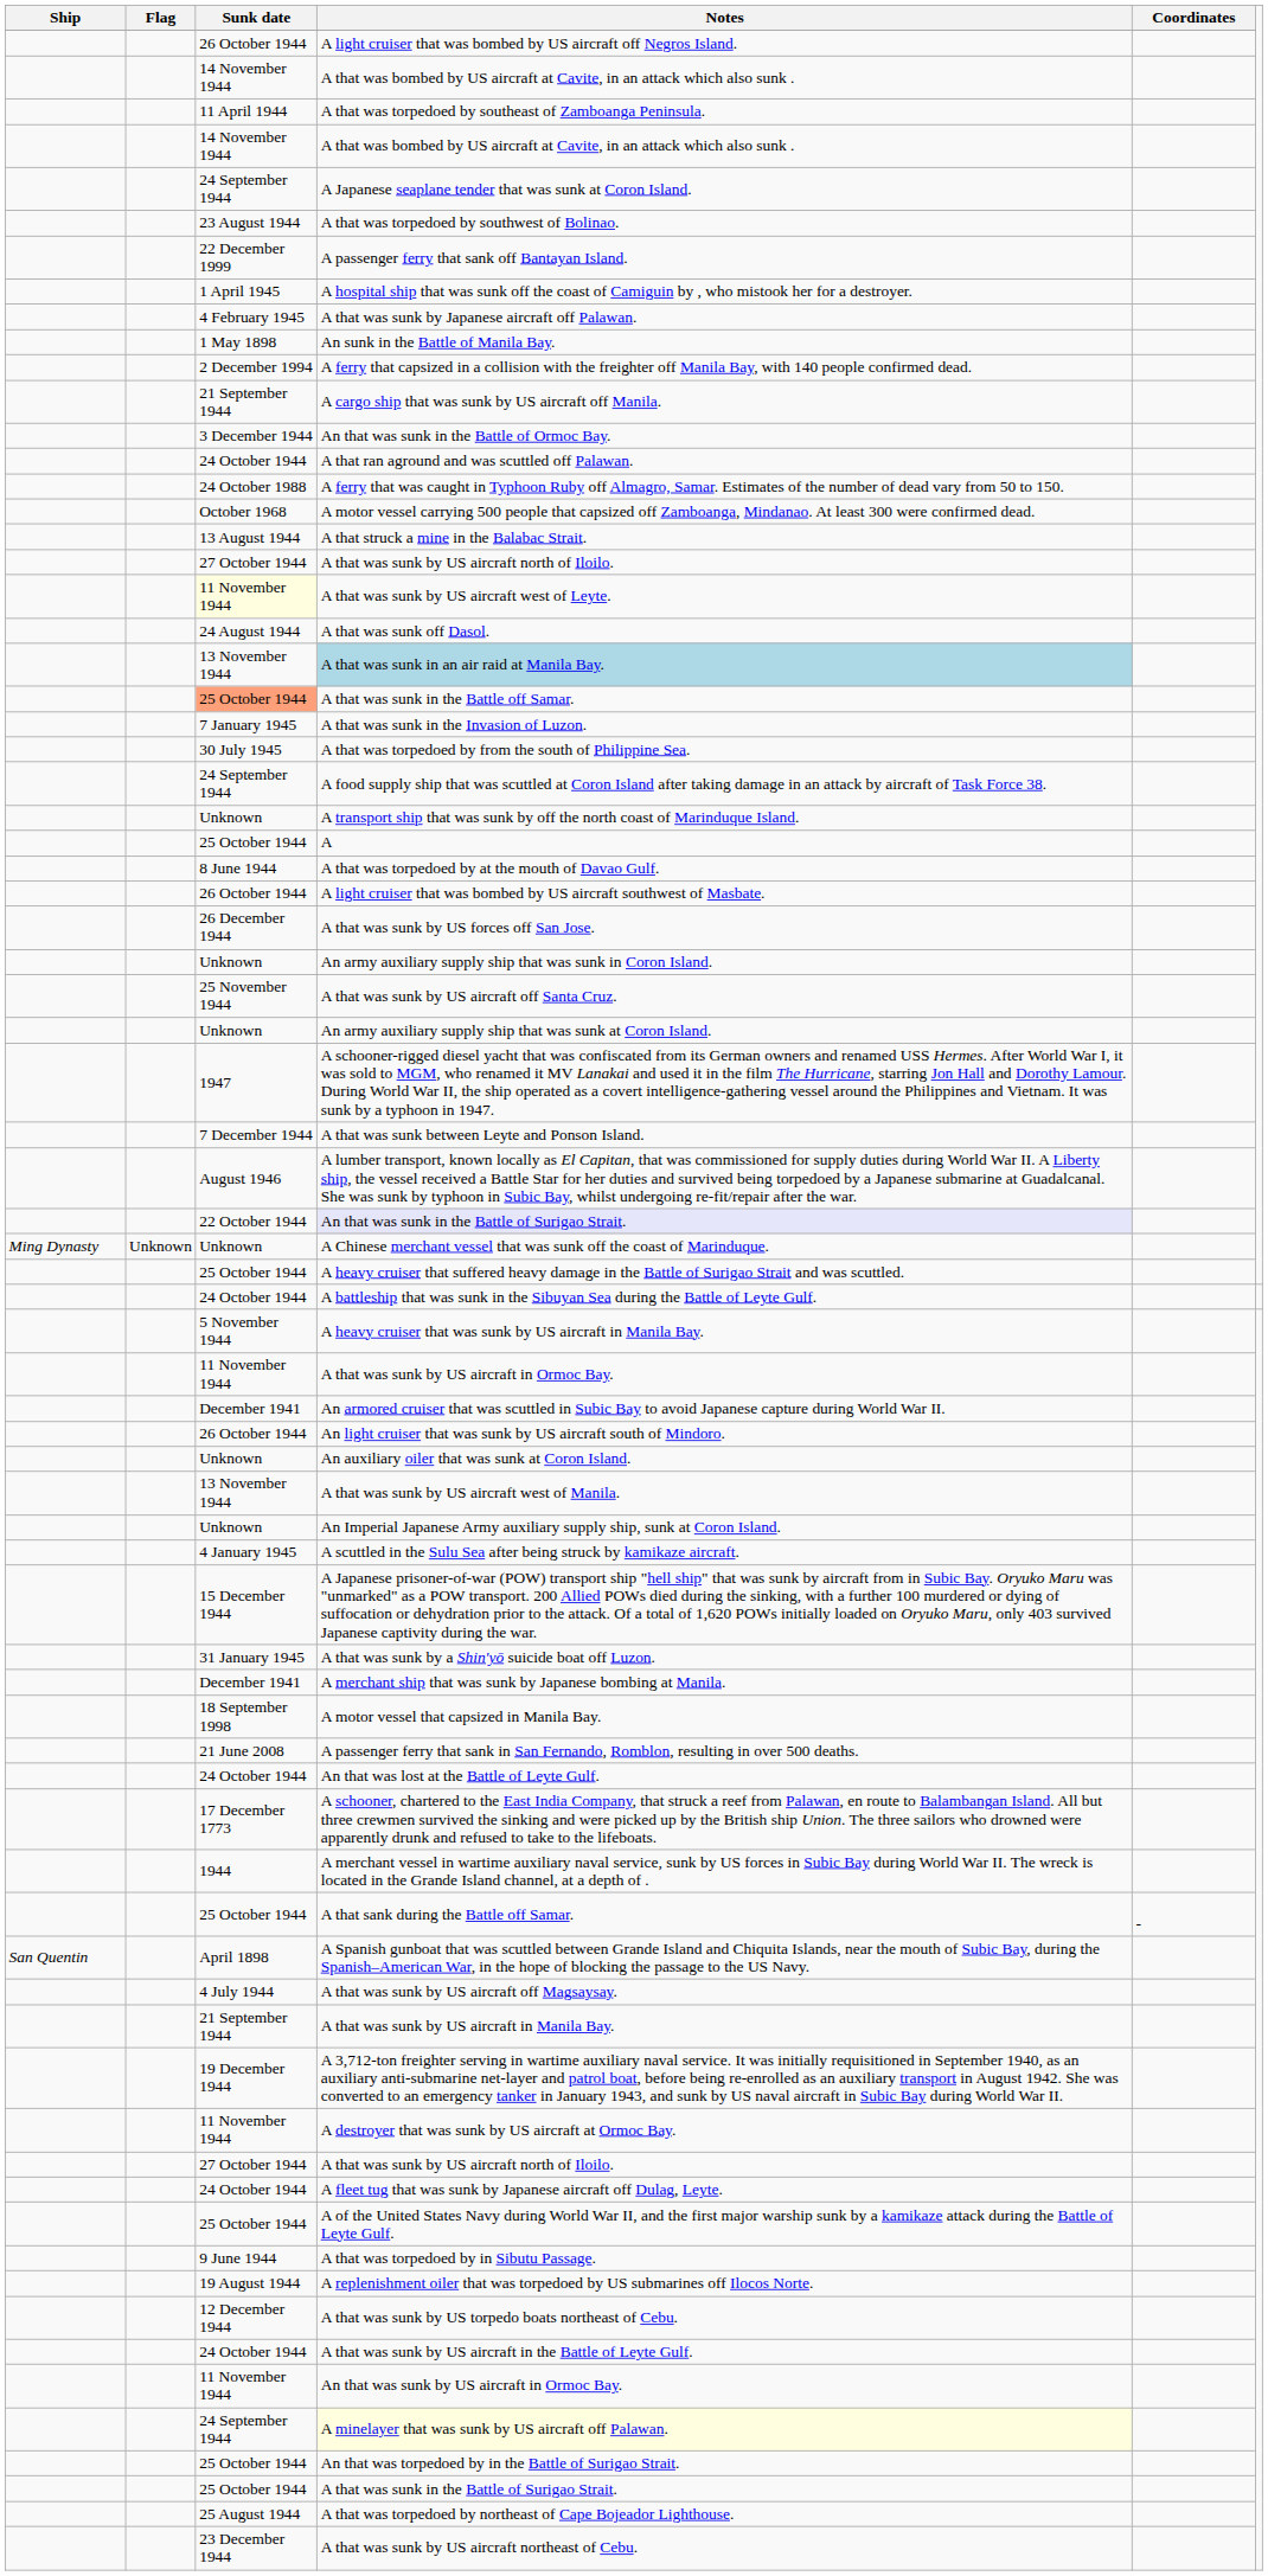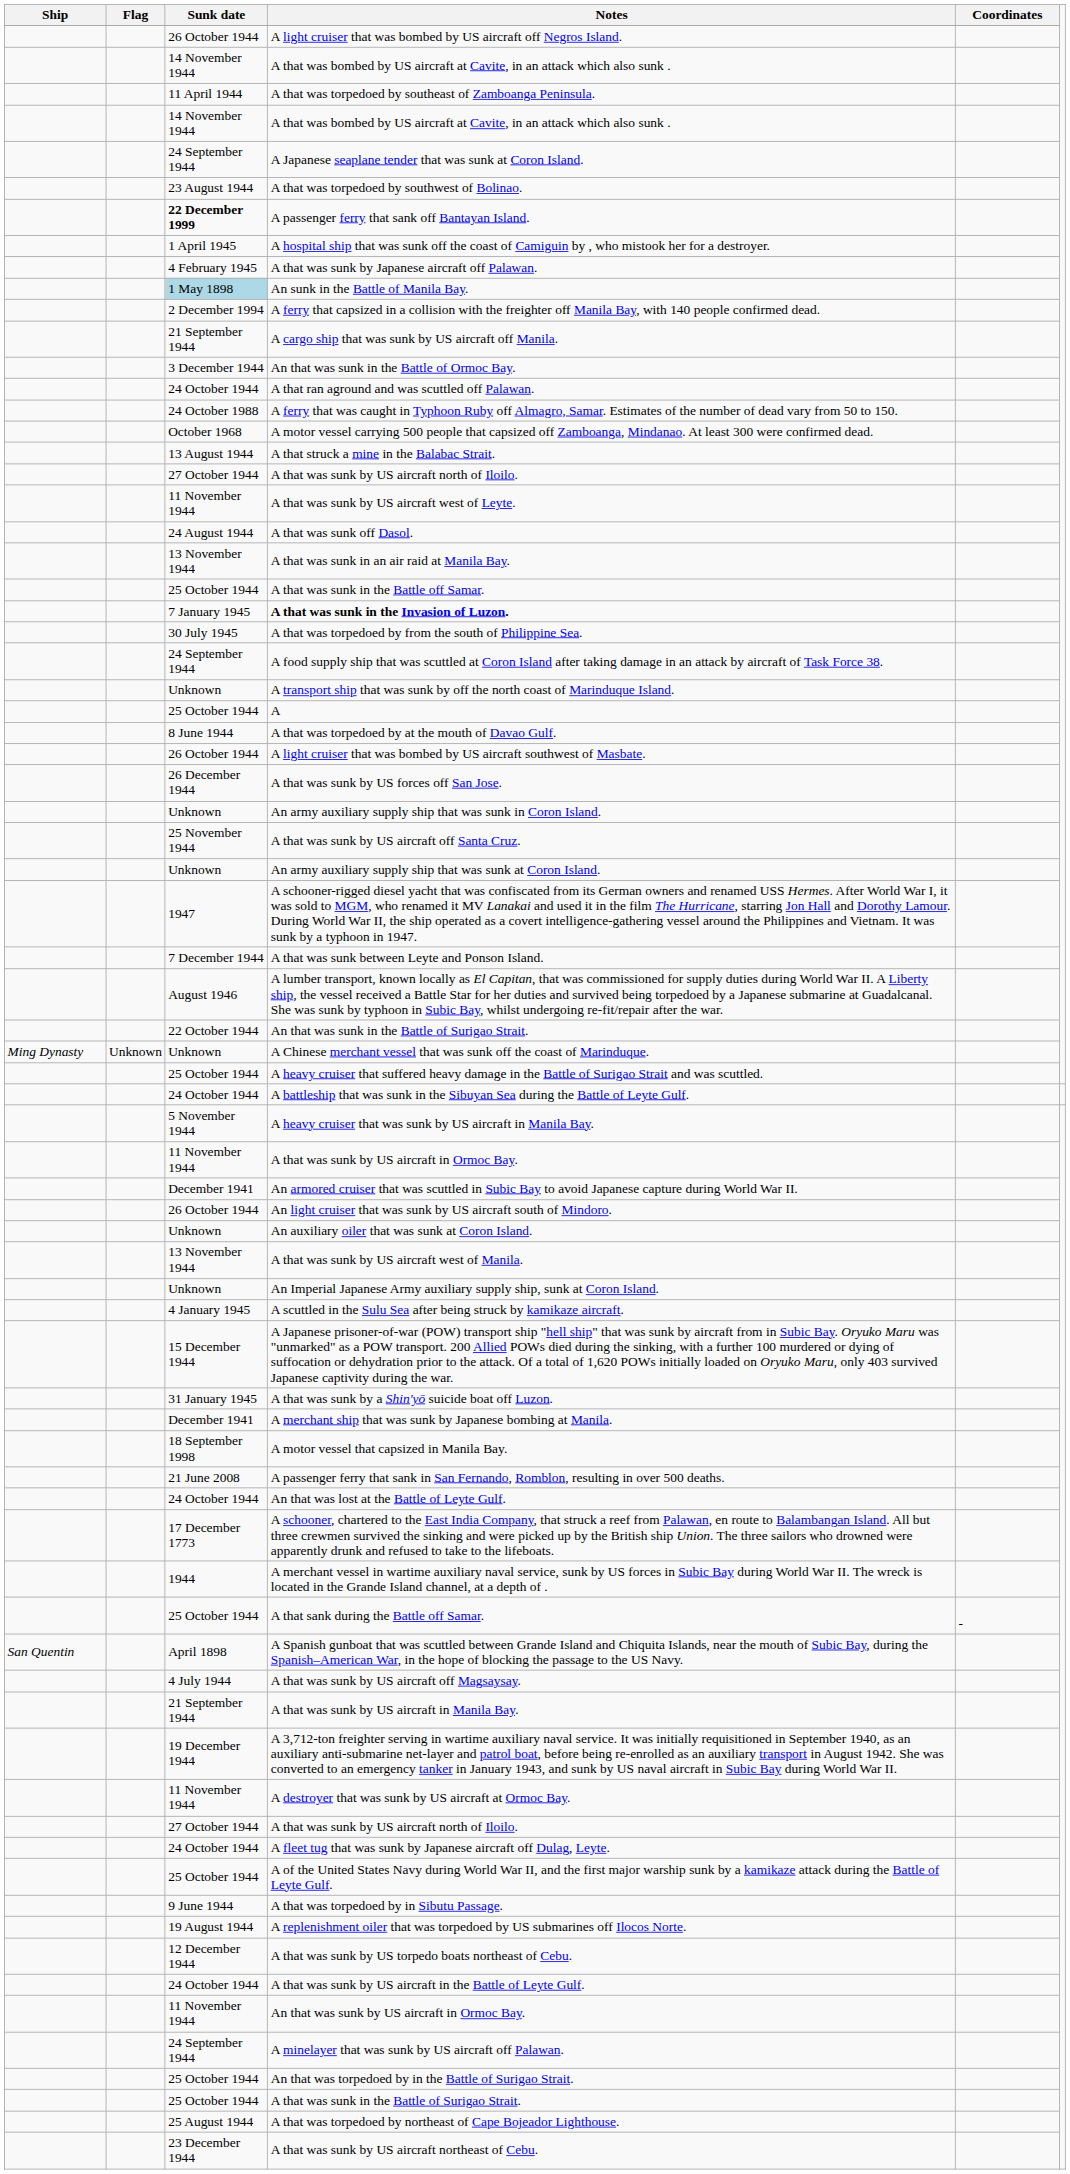 <table class=wikitable | style = "width:100%">
 <tr>
 <th style="width:10%">Ship</th>
 <th>Flag</th>
 <th style="width:10%">Sunk date</th>
 <th style="width:70%">Notes</th>
 <th style="width:10%">Coordinates</th>
 </tr>
 <tr>
 </tr>
 <tr>
 <td></td>
 <td></td>
 <td>26 October 1944</td>
 <td>A  <a href='#'>light cruiser</a> that was bombed by US aircraft off <a href='#'>Negros Island</a>.</td>
 <td></td>
 </tr>
 <tr>
 <td></td>
 <td></td>
 <td>14 November 1944</td>
 <td>A  that was bombed by US aircraft at <a href='#'>Cavite</a>, in an attack which also sunk .</td>
 <td></td>
 </tr>
 <tr>
 <td></td>
 <td></td>
 <td>11 April 1944</td>
 <td>A  that was torpedoed by  southeast of <a href='#'>Zamboanga Peninsula</a>.</td>
 <td></td>
 </tr>
 <tr>
 <td></td>
 <td></td>
 <td>14 November 1944</td>
 <td>A  that was bombed by US aircraft at <a href='#'>Cavite</a>, in an attack which also sunk .</td>
 <td></td>
 </tr>
 <tr>
 <td></td>
 <td></td>
 <td>24 September 1944</td>
 <td>A Japanese <a href='#'>seaplane tender</a> that was sunk at <a href='#'>Coron Island</a>.</td>
 <td></td>
 </tr>
 <tr>
 <td></td>
 <td></td>
 <td>23 August 1944</td>
 <td>A  that was torpedoed by  southwest of <a href='#'>Bolinao</a>.</td>
 <td></td>
 </tr>
 <tr>
 <td></td>
 <td></td>
-<td>22 December 1999</td>
+<td><strong>22 December 1999</strong></td>
 <td>A passenger <a href='#'>ferry</a> that sank off <a href='#'>Bantayan Island</a>.</td>
 <td></td>
 </tr>
 <tr>
 <td></td>
 <td></td>
 <td>1 April 1945</td>
 <td>A <a href='#'>hospital ship</a> that was sunk off the coast of <a href='#'>Camiguin</a> by , who mistook her for a destroyer.</td>
 <td></td>
 </tr>
 <tr>
 <td></td>
 <td></td>
 <td>4 February 1945</td>
 <td>A  that was sunk by Japanese aircraft off <a href='#'>Palawan</a>.</td>
 <td></td>
 </tr>
 <tr>
 <td></td>
 <td></td>
-<td>1 May 1898</td>
+<td style="background: lightblue;">1 May 1898</td>
 <td>An  sunk in the <a href='#'>Battle of Manila Bay</a>.</td>
 <td></td>
 </tr>
 <tr>
 <td></td>
 <td></td>
 <td>2 December 1994</td>
 <td>A <a href='#'>ferry</a> that capsized in a collision with the freighter  off <a href='#'>Manila Bay</a>, with 140 people confirmed dead.</td>
 <td></td>
 </tr>
 <tr>
 <td></td>
 <td></td>
 <td>21 September 1944</td>
 <td>A <a href='#'>cargo ship</a> that was sunk by US aircraft off <a href='#'>Manila</a>.</td>
 <td></td>
 </tr>
 <tr>
 <td></td>
 <td></td>
 <td>3 December 1944</td>
 <td>An  that was sunk in the <a href='#'>Battle of Ormoc Bay</a>.</td>
 <td></td>
 </tr>
 <tr>
 <td></td>
 <td></td>
 <td>24 October 1944</td>
 <td>A  that ran aground and was scuttled off <a href='#'>Palawan</a>.</td>
 <td></td>
 </tr>
 <tr>
 <td></td>
 <td></td>
 <td>24 October 1988</td>
 <td>A <a href='#'>ferry</a> that was caught in <a href='#'>Typhoon Ruby</a> off <a href='#'>Almagro, Samar</a>. Estimates of the number of dead vary from 50 to 150.</td>
 <td></td>
 </tr>
 <tr>
 <td></td>
 <td></td>
 <td>October 1968</td>
 <td>A motor vessel carrying 500 people that capsized off <a href='#'>Zamboanga</a>, <a href='#'>Mindanao</a>. At least 300 were confirmed dead.</td>
 <td></td>
 </tr>
 <tr>
 <td></td>
 <td></td>
 <td>13 August 1944</td>
 <td>A  that struck a <a href='#'>mine</a> in the <a href='#'>Balabac Strait</a>.</td>
 <td></td>
 </tr>
 <tr>
 <td></td>
 <td></td>
 <td>27 October 1944</td>
 <td>A  that was sunk by US aircraft  north of <a href='#'>Iloilo</a>.</td>
 <td></td>
 </tr>
 <tr>
 <td></td>
 <td></td>
-<td style="background: lightyellow;">11 November 1944</td>
+<td>11 November 1944</td>
 <td>A  that was sunk by US aircraft west of <a href='#'>Leyte</a>.</td>
 <td></td>
 </tr>
 <tr>
 <td></td>
 <td></td>
 <td>24 August 1944</td>
 <td>A  that was sunk off <a href='#'>Dasol</a>.</td>
 <td></td>
 </tr>
 <tr>
 <td></td>
 <td></td>
 <td>13 November 1944</td>
-<td style="background: lightblue;">A  that was sunk in an air raid at <a href='#'>Manila Bay</a>.</td>
+<td>A  that was sunk in an air raid at <a href='#'>Manila Bay</a>.</td>
 <td></td>
 </tr>
 <tr>
 <td></td>
 <td></td>
-<td style="background: lightsalmon;">25 October 1944</td>
+<td>25 October 1944</td>
 <td>A  that was sunk in the <a href='#'>Battle off Samar</a>.</td>
 <td></td>
 </tr>
 <tr>
 <td></td>
 <td></td>
 <td>7 January 1945</td>
-<td>A  that was sunk in the <a href='#'>Invasion of Luzon</a>.</td>
+<td><strong>A  that was sunk in the <a href='#'>Invasion of Luzon</a>.</strong></td>
 <td></td>
 </tr>
 <tr>
 <td></td>
 <td></td>
 <td>30 July 1945</td>
 <td>A  that was torpedoed by  from the south of <a href='#'>Philippine Sea</a>.</td>
 <td></td>
 </tr>
 <tr>
 <td></td>
 <td></td>
 <td>24 September 1944</td>
 <td>A food supply ship that was scuttled at <a href='#'>Coron Island</a> after taking damage in an attack by aircraft of <a href='#'>Task Force 38</a>.</td>
 <td></td>
 </tr>
 <tr>
 <td></td>
 <td></td>
 <td>Unknown</td>
 <td>A <a href='#'>transport ship</a> that was sunk by  off the north coast of <a href='#'>Marinduque Island</a>.</td>
 <td></td>
 </tr>
 <tr>
 <td></td>
 <td></td>
 <td>25 October 1944</td>
 <td>A </td>
 <td></td>
 </tr>
 <tr>
 <td></td>
 <td></td>
 <td>8 June 1944</td>
 <td>A  that was torpedoed by  at the mouth of <a href='#'>Davao Gulf</a>.</td>
 <td></td>
 </tr>
 <tr>
 <td></td>
 <td></td>
 <td>26 October 1944</td>
 <td>A  <a href='#'>light cruiser</a> that was bombed by US aircraft southwest of <a href='#'>Masbate</a>.</td>
 <td></td>
 </tr>
 <tr>
 <td></td>
 <td></td>
 <td>26 December 1944</td>
 <td>A  that was sunk by US forces off <a href='#'>San Jose</a>.</td>
 <td></td>
 </tr>
 <tr>
 <td></td>
 <td></td>
 <td>Unknown</td>
 <td>An army auxiliary supply ship that was sunk in <a href='#'>Coron Island</a>.</td>
 <td></td>
 </tr>
 <tr>
 <td></td>
 <td></td>
 <td>25 November 1944</td>
 <td>A  that was sunk by US aircraft off <a href='#'>Santa Cruz</a>.</td>
 <td></td>
 </tr>
 <tr>
 <td></td>
 <td></td>
 <td>Unknown</td>
 <td>An army auxiliary supply ship that was sunk at <a href='#'>Coron Island</a>.</td>
 <td></td>
 </tr>
 <tr>
 <td></td>
 <td></td>
 <td>1947</td>
 <td>A schooner-rigged diesel yacht that was confiscated from its German owners and renamed USS <em>Hermes</em>. After World War I, it was sold to <a href='#'>MGM</a>, who renamed it MV <em>Lanakai</em> and used it in the film <a href='#'><em>The Hurricane</em></a>, starring <a href='#'>Jon Hall</a> and <a href='#'>Dorothy Lamour</a>. During World War II, the ship operated as a covert intelligence-gathering vessel around the Philippines and Vietnam. It was sunk by a typhoon in 1947.</td>
 <td></td>
 </tr>
 <tr>
 <td></td>
 <td></td>
 <td>7 December 1944</td>
 <td>A  that was sunk between Leyte and Ponson Island.</td>
 <td></td>
 </tr>
 <tr>
 <td></td>
 <td></td>
 <td>August 1946</td>
 <td>A lumber transport, known locally as <em>El Capitan</em>, that was commissioned for supply duties during World War II. A <a href='#'>Liberty ship</a>, the vessel received a Battle Star for her duties and survived being torpedoed by a Japanese submarine at Guadalcanal. She was sunk by typhoon in <a href='#'>Subic Bay</a>, whilst undergoing re-fit/repair after the war.</td>
 <td></td>
 </tr>
 <tr>
 <td></td>
 <td></td>
 <td>22 October 1944</td>
-<td style="background: lavender;">An  that was sunk in the <a href='#'>Battle of Surigao Strait</a>.</td>
+<td>An  that was sunk in the <a href='#'>Battle of Surigao Strait</a>.</td>
 <td></td>
 </tr>
 <tr>
 <td><em>Ming Dynasty</em></td>
 <td>Unknown</td>
 <td>Unknown</td>
 <td>A Chinese <a href='#'>merchant vessel</a> that was sunk off the coast of <a href='#'>Marinduque</a>.</td>
 <td></td>
 </tr>
 <tr>
 <td></td>
 <td></td>
 <td>25 October 1944</td>
 <td>A  <a href='#'>heavy cruiser</a> that suffered heavy damage in the <a href='#'>Battle of Surigao Strait</a> and was scuttled.</td>
 <td></td>
 </tr>
 <tr>
 <td></td>
 <td></td>
 <td>24 October 1944</td>
 <td>A  <a href='#'>battleship</a> that was sunk in the <a href='#'>Sibuyan Sea</a> during the <a href='#'>Battle of Leyte Gulf</a>.</td>
 <td></td>
 <td></td>
 </tr>
 <tr>
 <td></td>
 <td></td>
 <td>5 November 1944</td>
 <td>A  <a href='#'>heavy cruiser</a> that was sunk by US aircraft in <a href='#'>Manila Bay</a>.</td>
 <td></td>
 </tr>
 <tr>
 <td></td>
 <td></td>
 <td>11 November 1944</td>
 <td>A  that was sunk by US aircraft in <a href='#'>Ormoc Bay</a>.</td>
 <td></td>
 </tr>
 <tr>
 <td></td>
 <td></td>
 <td>December 1941</td>
 <td>An <a href='#'>armored cruiser</a> that was scuttled in <a href='#'>Subic Bay</a> to avoid Japanese capture during World War II.</td>
 <td></td>
 </tr>
 <tr>
 <td></td>
 <td></td>
 <td>26 October 1944</td>
 <td>An  <a href='#'>light cruiser</a> that was sunk by US aircraft south of <a href='#'>Mindoro</a>.</td>
 <td></td>
 </tr>
 <tr>
 <td></td>
 <td></td>
 <td>Unknown</td>
 <td>An auxiliary <a href='#'>oiler</a> that was sunk at <a href='#'>Coron Island</a>.</td>
 <td></td>
 </tr>
 <tr>
 <td></td>
 <td></td>
 <td>13 November 1944</td>
 <td>A  that was sunk by US aircraft west of <a href='#'>Manila</a>.</td>
 <td></td>
 </tr>
 <tr>
 <td></td>
 <td></td>
 <td>Unknown</td>
 <td>An Imperial Japanese Army auxiliary supply ship, sunk at <a href='#'>Coron Island</a>.</td>
 <td></td>
 </tr>
 <tr>
 <td></td>
 <td></td>
 <td>4 January 1945</td>
 <td>A  scuttled in the <a href='#'>Sulu Sea</a> after being struck by <a href='#'>kamikaze aircraft</a>.</td>
 <td></td>
 </tr>
 <tr>
 <td></td>
 <td></td>
 <td>15 December 1944</td>
 <td>A Japanese prisoner-of-war (POW) transport ship "<a href='#'>hell ship</a>" that was sunk by aircraft from  in <a href='#'>Subic Bay</a>. <em>Oryuko Maru</em> was "unmarked" as a POW transport. 200 <a href='#'>Allied</a> POWs died during the sinking, with a further 100 murdered or dying of suffocation or dehydration prior to the attack. Of a total of 1,620 POWs initially loaded on <em>Oryuko Maru</em>, only 403 survived Japanese captivity during the war.</td>
 <td></td>
 </tr>
 <tr>
 <td></td>
 <td></td>
 <td>31 January 1945</td>
 <td>A  that was sunk by a <a href='#'><em>Shin'yō</em></a> suicide boat off <a href='#'>Luzon</a>.</td>
 <td></td>
 </tr>
 <tr>
 <td></td>
 <td></td>
 <td>December 1941</td>
 <td>A <a href='#'>merchant ship</a> that was sunk by Japanese bombing at <a href='#'>Manila</a>.</td>
 <td></td>
 </tr>
 <tr>
 <td></td>
 <td></td>
 <td>18 September 1998</td>
 <td>A motor vessel that capsized in Manila Bay.</td>
 <td></td>
 </tr>
 <tr>
 <td></td>
 <td></td>
 <td>21 June 2008</td>
 <td>A passenger ferry that sank in <a href='#'>San Fernando</a>, <a href='#'>Romblon</a>, resulting in over 500 deaths.</td>
 <td></td>
 </tr>
 <tr>
 <td></td>
 <td></td>
 <td>24 October 1944</td>
 <td>An  that was lost at the <a href='#'>Battle of Leyte Gulf</a>.</td>
 <td></td>
 </tr>
 <tr>
 <td></td>
 <td></td>
 <td>17 December 1773</td>
 <td>A <a href='#'>schooner</a>, chartered to the <a href='#'>East India Company</a>, that struck a reef  from <a href='#'>Palawan</a>, en route to <a href='#'>Balambangan Island</a>. All but three crewmen survived the sinking and were picked up by the British ship <em>Union</em>. The three sailors who drowned were apparently drunk and refused to take to the lifeboats.</td>
 <td></td>
 </tr>
 <tr>
 <td></td>
 <td></td>
 <td>1944</td>
 <td>A merchant vessel in wartime auxiliary naval service, sunk by US forces in <a href='#'>Subic Bay</a> during World War II. The wreck is located in the Grande Island channel, at a depth of .</td>
 <td></td>
 </tr>
 <tr>
 <td></td>
 <td></td>
 <td>25 October 1944</td>
 <td>A  that sank during the <a href='#'>Battle off Samar</a>.</td>
 <td><br>-</td>
 </tr>
 <tr>
 <td><em>San Quentin</em></td>
 <td></td>
 <td>April 1898</td>
 <td>A Spanish gunboat that was scuttled between Grande Island and Chiquita Islands, near the mouth of <a href='#'>Subic Bay</a>, during the <a href='#'>Spanish–American War</a>, in the hope of blocking the passage to the US Navy.</td>
 <td></td>
 </tr>
 <tr>
 <td></td>
 <td></td>
 <td>4 July 1944</td>
 <td>A  that was sunk by US aircraft off <a href='#'>Magsaysay</a>.</td>
 <td></td>
 </tr>
 <tr>
 <td></td>
 <td></td>
 <td>21 September 1944</td>
 <td>A  that was sunk by US aircraft in <a href='#'>Manila Bay</a>.</td>
 <td></td>
 </tr>
 <tr>
 <td></td>
 <td></td>
 <td>19 December 1944</td>
 <td>A 3,712-ton freighter serving in wartime auxiliary naval service. It was initially requisitioned in September 1940, as an auxiliary anti-submarine net-layer and <a href='#'>patrol boat</a>, before being re-enrolled as an auxiliary <a href='#'>transport</a> in August 1942. She was converted to an emergency <a href='#'>tanker</a> in January 1943, and sunk by US naval aircraft in <a href='#'>Subic Bay</a> during World War II.</td>
 <td></td>
 </tr>
 <tr>
 <td></td>
 <td></td>
 <td>11 November 1944</td>
 <td>A <a href='#'>destroyer</a> that was sunk by US aircraft at <a href='#'>Ormoc Bay</a>.</td>
 <td></td>
 </tr>
 <tr>
 <td></td>
 <td></td>
 <td>27 October 1944</td>
 <td>A  that was sunk by US aircraft  north of <a href='#'>Iloilo</a>.</td>
 <td></td>
 </tr>
 <tr>
 <td></td>
 <td></td>
 <td>24 October 1944</td>
 <td>A  <a href='#'>fleet tug</a> that was sunk by Japanese aircraft off <a href='#'>Dulag</a>, <a href='#'>Leyte</a>.</td>
 <td></td>
 </tr>
 <tr>
 <td></td>
 <td></td>
 <td>25 October 1944</td>
 <td>A  of the United States Navy during World War II, and the first major warship sunk by a <a href='#'>kamikaze</a> attack during the <a href='#'>Battle of Leyte Gulf</a>.</td>
 <td></td>
 </tr>
 <tr>
 <td></td>
 <td></td>
 <td>9 June 1944</td>
 <td>A  that was torpedoed by  in <a href='#'>Sibutu Passage</a>.</td>
 <td></td>
 </tr>
 <tr>
 <td></td>
 <td></td>
 <td>19 August 1944</td>
 <td>A <a href='#'>replenishment oiler</a> that was torpedoed by US submarines off <a href='#'>Ilocos Norte</a>.</td>
 <td></td>
 </tr>
 <tr>
 <td></td>
 <td></td>
 <td>12 December 1944</td>
 <td>A  that was sunk by US torpedo boats  northeast of <a href='#'>Cebu</a>.</td>
 <td></td>
 </tr>
 <tr>
 <td></td>
 <td></td>
 <td>24 October 1944</td>
 <td>A  that was sunk by US aircraft in the <a href='#'>Battle of Leyte Gulf</a>.</td>
 <td></td>
 </tr>
 <tr>
 <td></td>
 <td></td>
 <td>11 November 1944</td>
 <td>An  that was sunk by US aircraft in <a href='#'>Ormoc Bay</a>.</td>
 <td></td>
 </tr>
 <tr>
 <td></td>
 <td></td>
 <td>24 September 1944</td>
-<td style="background: lightyellow;">A <a href='#'>minelayer</a> that was sunk by US aircraft off <a href='#'>Palawan</a>.</td>
+<td>A <a href='#'>minelayer</a> that was sunk by US aircraft off <a href='#'>Palawan</a>.</td>
 <td></td>
 </tr>
 <tr>
 <td></td>
 <td></td>
 <td>25 October 1944</td>
 <td>An  that was torpedoed by  in the <a href='#'>Battle of Surigao Strait</a>.</td>
 <td></td>
 </tr>
 <tr>
 <td></td>
 <td></td>
 <td>25 October 1944</td>
 <td>A  that was sunk in the <a href='#'>Battle of Surigao Strait</a>.</td>
 <td></td>
 </tr>
 <tr>
 <td></td>
 <td></td>
 <td>25 August 1944</td>
 <td>A  that was torpedoed by  northeast of <a href='#'>Cape Bojeador Lighthouse</a>.</td>
 <td></td>
 </tr>
 <tr>
 <td></td>
 <td></td>
 <td>23 December 1944</td>
 <td>A  that was sunk by US aircraft  northeast of <a href='#'>Cebu</a>.</td>
 <td></td>
 </tr>
 </table>
